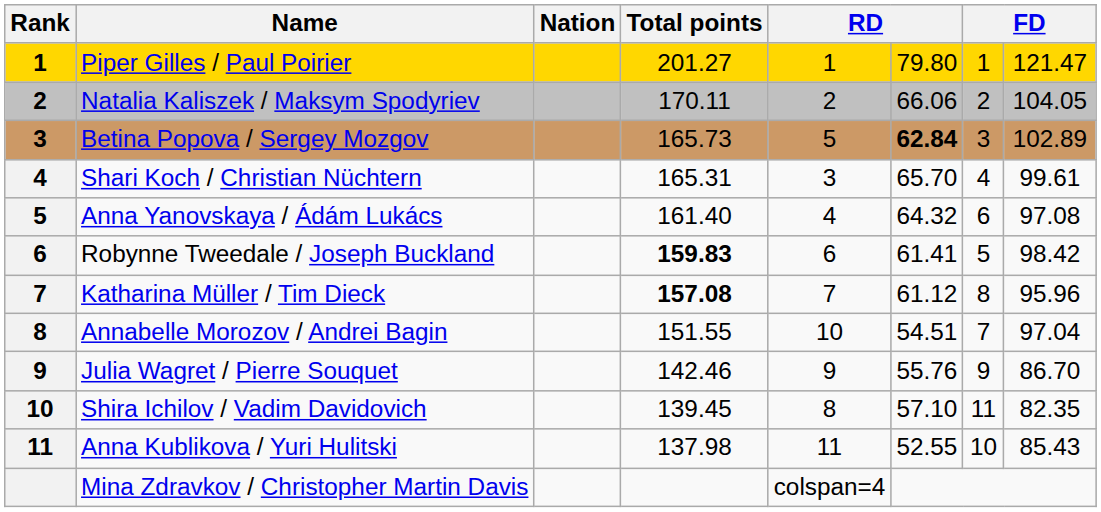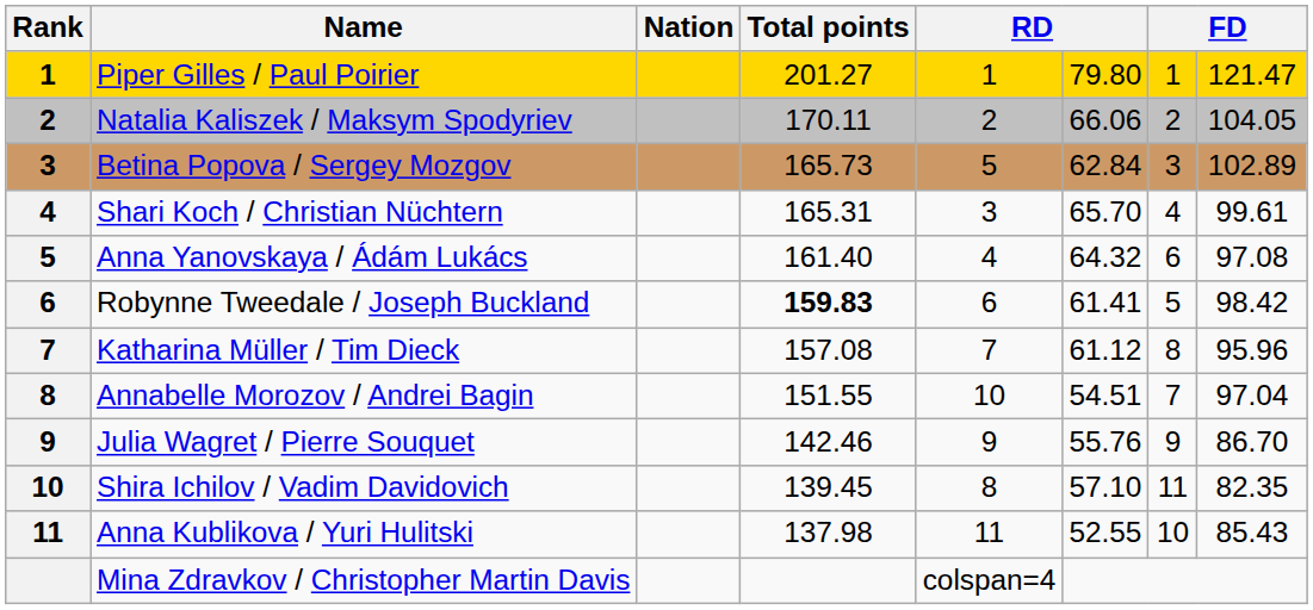 <table class="wikitable sortable">
 <tr>
 <th>Rank</th>
 <th>Name</th>
 <th>Nation</th>
 <th>Total points</th>
 <th colspan="2" width="80px"><a href='#'>RD</a></th>
 <th colspan="2" width="80px"><a href='#'>FD</a></th>
 </tr>
 <tr bgcolor="gold">
 <td align="center"><strong>1</strong></td>
 <td><a href='#'>Piper Gilles</a> / <a href='#'>Paul Poirier</a></td>
 <td></td>
 <td align="center">201.27</td>
 <td align="center">1</td>
 <td align="center">79.80</td>
 <td align="center">1</td>
 <td align="center">121.47</td>
 </tr>
 <tr bgcolor="silver">
 <td align="center"><strong>2</strong></td>
 <td><a href='#'>Natalia Kaliszek</a> / <a href='#'>Maksym Spodyriev</a></td>
 <td></td>
 <td align="center">170.11</td>
 <td align="center">2</td>
 <td align="center">66.06</td>
 <td align="center">2</td>
 <td align="center">104.05</td>
 </tr>
 <tr bgcolor="cc9966">
 <td align="center"><strong>3</strong></td>
 <td><a href='#'>Betina Popova</a> / <a href='#'>Sergey Mozgov</a></td>
 <td></td>
 <td align="center">165.73</td>
 <td align="center">5</td>
-<td align="center"><strong>62.84</strong></td>
+<td align="center">62.84</td>
 <td align="center">3</td>
 <td align="center">102.89</td>
 </tr>
 <tr>
 <th>4</th>
 <td><a href='#'>Shari Koch</a> / <a href='#'>Christian Nüchtern</a></td>
 <td></td>
 <td align="center">165.31</td>
 <td align="center">3</td>
 <td align="center">65.70</td>
 <td align="center">4</td>
 <td align="center">99.61</td>
 </tr>
 <tr>
 <th>5</th>
 <td><a href='#'>Anna Yanovskaya</a> / <a href='#'>Ádám Lukács</a></td>
 <td></td>
 <td align="center">161.40</td>
 <td align="center">4</td>
 <td align="center">64.32</td>
 <td align="center">6</td>
 <td align="center">97.08</td>
 </tr>
 <tr>
 <th>6</th>
 <td>Robynne Tweedale / <a href='#'>Joseph Buckland</a></td>
 <td></td>
 <td align="center"><strong>159.83</strong></td>
 <td align="center">6</td>
 <td align="center">61.41</td>
 <td align="center">5</td>
 <td align="center">98.42</td>
 </tr>
 <tr>
 <th>7</th>
 <td><a href='#'>Katharina Müller</a> / <a href='#'>Tim Dieck</a></td>
 <td></td>
-<td align="center"><strong>157.08</strong></td>
+<td align="center">157.08</td>
 <td align="center">7</td>
 <td align="center">61.12</td>
 <td align="center">8</td>
 <td align="center">95.96</td>
 </tr>
 <tr>
 <th>8</th>
 <td><a href='#'>Annabelle Morozov</a> / <a href='#'>Andrei Bagin</a></td>
 <td></td>
 <td align="center">151.55</td>
 <td align="center">10</td>
 <td align="center">54.51</td>
 <td align="center">7</td>
 <td align="center">97.04</td>
 </tr>
 <tr>
 <th>9</th>
 <td><a href='#'>Julia Wagret</a> / <a href='#'>Pierre Souquet</a></td>
 <td></td>
 <td align="center">142.46</td>
 <td align="center">9</td>
 <td align="center">55.76</td>
 <td align="center">9</td>
 <td align="center">86.70</td>
 </tr>
 <tr>
 <th>10</th>
 <td><a href='#'>Shira Ichilov</a> / <a href='#'>Vadim Davidovich</a></td>
 <td></td>
 <td align="center">139.45</td>
 <td align="center">8</td>
 <td align="center">57.10</td>
 <td align="center">11</td>
 <td align="center">82.35</td>
 </tr>
 <tr>
 <th>11</th>
 <td><a href='#'>Anna Kublikova</a> / <a href='#'>Yuri Hulitski</a></td>
 <td></td>
 <td align="center">137.98</td>
 <td align="center">11</td>
 <td align="center">52.55</td>
 <td align="center">10</td>
 <td align="center">85.43</td>
 </tr>
 <tr>
 <th></th>
 <td><a href='#'>Mina Zdravkov</a> / <a href='#'>Christopher Martin Davis</a></td>
 <td></td>
 <td></td>
 <td>colspan=4 </td>
 </tr>
 </table>
